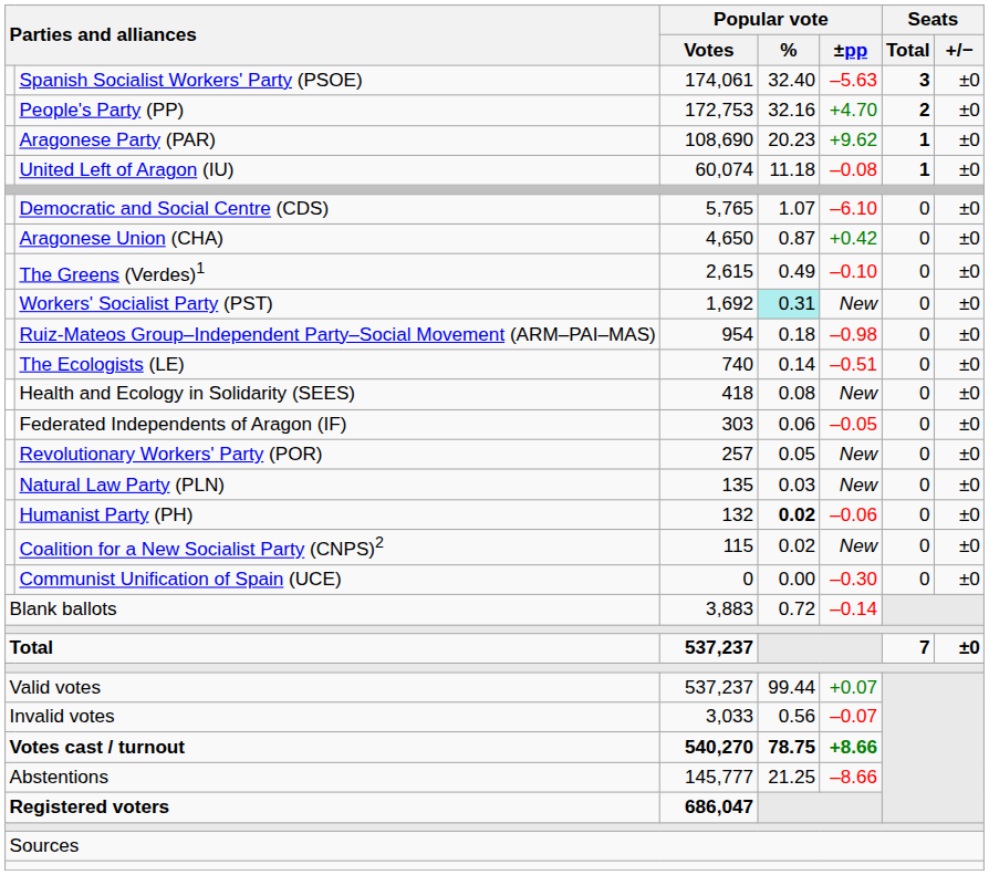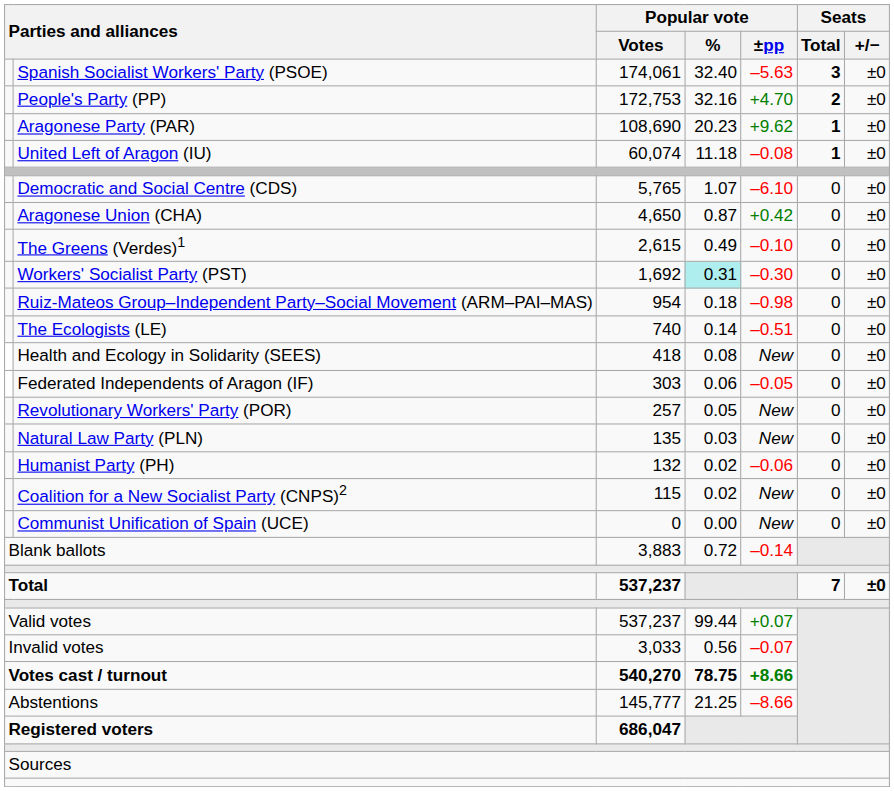 <table class="wikitable" style="text-align:right;">
 <tr>
 <th style="text-align:left;" rowspan="2" colspan="2" width="525">Parties and alliances</th>
 <th colspan="3">Popular vote</th>
 <th colspan="2">Seats</th>
 </tr>
 <tr>
 <th width="75">Votes</th>
 <th width="45">%</th>
 <th width="45">±<a href='#'>pp</a></th>
 <th width="35">Total</th>
 <th width="35">+/−</th>
 </tr>
 <tr>
 <td width="1" style="color:inherit;background:"></td>
 <td align="left"><a href='#'>Spanish Socialist Workers' Party</a> (PSOE)</td>
 <td>174,061</td>
 <td>32.40</td>
 <td style="color:red;">–5.63</td>
 <td><strong>3</strong></td>
 <td>±0</td>
 </tr>
 <tr>
 <td style="color:inherit;background:"></td>
 <td align="left"><a href='#'>People's Party</a> (PP)</td>
 <td>172,753</td>
 <td>32.16</td>
 <td style="color:green;">+4.70</td>
 <td><strong>2</strong></td>
 <td>±0</td>
 </tr>
 <tr>
 <td style="color:inherit;background:"></td>
 <td align="left"><a href='#'>Aragonese Party</a> (PAR)</td>
 <td>108,690</td>
 <td>20.23</td>
 <td style="color:green;">+9.62</td>
 <td><strong>1</strong></td>
 <td>±0</td>
 </tr>
 <tr>
 <td style="color:inherit;background:"></td>
 <td align="left"><a href='#'>United Left of Aragon</a> (IU)</td>
 <td>60,074</td>
 <td>11.18</td>
 <td style="color:red;">–0.08</td>
 <td><strong>1</strong></td>
 <td>±0</td>
 </tr>
 <tr>
 <td colspan="7" bgcolor="#C0C0C0"></td>
 </tr>
 <tr>
 <td style="color:inherit;background:"></td>
 <td align="left"><a href='#'>Democratic and Social Centre</a> (CDS)</td>
 <td>5,765</td>
 <td>1.07</td>
 <td style="color:red;">–6.10</td>
 <td>0</td>
 <td>±0</td>
 </tr>
 <tr>
 <td style="color:inherit;background:"></td>
 <td align="left"><a href='#'>Aragonese Union</a> (CHA)</td>
 <td>4,650</td>
 <td>0.87</td>
 <td style="color:green;">+0.42</td>
 <td>0</td>
 <td>±0</td>
 </tr>
 <tr>
 <td style="color:inherit;background:"></td>
 <td align="left"><a href='#'>The Greens</a> (Verdes)<sup>1</sup></td>
 <td>2,615</td>
 <td>0.49</td>
 <td style="color:red;">–0.10</td>
 <td>0</td>
 <td>±0</td>
 </tr>
 <tr>
 <td style="color:inherit;background:"></td>
 <td align="left"><a href='#'>Workers' Socialist Party</a> (PST)</td>
 <td>1,692</td>
 <td style="background: paleturquoise;">0.31</td>
-<td><em>New</em></td>
+<td style="color:red;">–0.30</td>
 <td>0</td>
 <td>±0</td>
 </tr>
 <tr>
 <td style="color:inherit;background:"></td>
 <td align="left"><a href='#'>Ruiz-Mateos Group–Independent Party–Social Movement</a> (ARM–PAI–MAS)</td>
 <td>954</td>
 <td>0.18</td>
 <td style="color:red;">–0.98</td>
 <td>0</td>
 <td>±0</td>
 </tr>
 <tr>
 <td style="color:inherit;background:"></td>
 <td align="left"><a href='#'>The Ecologists</a> (LE)</td>
 <td>740</td>
 <td>0.14</td>
 <td style="color:red;">–0.51</td>
 <td>0</td>
 <td>±0</td>
 </tr>
 <tr>
 <td bgcolor="white"></td>
 <td align="left">Health and Ecology in Solidarity (SEES)</td>
 <td>418</td>
 <td>0.08</td>
 <td><em>New</em></td>
 <td>0</td>
 <td>±0</td>
 </tr>
 <tr>
 <td bgcolor="white"></td>
 <td align="left">Federated Independents of Aragon (IF)</td>
 <td>303</td>
 <td>0.06</td>
 <td style="color:red;">–0.05</td>
 <td>0</td>
 <td>±0</td>
 </tr>
 <tr>
 <td style="color:inherit;background:"></td>
 <td align="left"><a href='#'>Revolutionary Workers' Party</a> (POR)</td>
 <td>257</td>
 <td>0.05</td>
 <td><em>New</em></td>
 <td>0</td>
 <td>±0</td>
 </tr>
 <tr>
 <td style="color:inherit;background:"></td>
 <td align="left"><a href='#'>Natural Law Party</a> (PLN)</td>
 <td>135</td>
 <td>0.03</td>
 <td><em>New</em></td>
 <td>0</td>
 <td>±0</td>
 </tr>
 <tr>
 <td style="color:inherit;background:"></td>
 <td align="left"><a href='#'>Humanist Party</a> (PH)</td>
 <td>132</td>
-<td><strong>0.02</strong></td>
+<td>0.02</td>
 <td style="color:red;">–0.06</td>
 <td>0</td>
 <td>±0</td>
 </tr>
 <tr>
 <td style="color:inherit;background:"></td>
 <td align="left"><a href='#'>Coalition for a New Socialist Party</a> (CNPS)<sup>2</sup></td>
 <td>115</td>
 <td>0.02</td>
 <td><em>New</em></td>
 <td>0</td>
 <td>±0</td>
 </tr>
 <tr>
 <td style="color:inherit;background:"></td>
 <td align="left"><a href='#'>Communist Unification of Spain</a> (UCE)</td>
 <td>0</td>
 <td>0.00</td>
-<td style="color:red;">–0.30</td>
+<td><em>New</em></td>
 <td>0</td>
 <td>±0</td>
 </tr>
 <tr>
 <td align="left" colspan="2">Blank ballots</td>
 <td>3,883</td>
 <td>0.72</td>
 <td style="color:red;">–0.14</td>
 <td bgcolor="#E9E9E9" colspan="2"></td>
 </tr>
 <tr>
 <td colspan="7" bgcolor="#E9E9E9"></td>
 </tr>
 <tr style="font-weight:bold;">
 <td align="left" colspan="2">Total</td>
 <td>537,237</td>
 <td bgcolor="#E9E9E9" colspan="2"></td>
 <td>7</td>
 <td>±0</td>
 </tr>
 <tr>
 <td colspan="7" bgcolor="#E9E9E9"></td>
 </tr>
 <tr>
 <td align="left" colspan="2">Valid votes</td>
 <td>537,237</td>
 <td>99.44</td>
 <td style="color:green;">+0.07</td>
 <td bgcolor="#E9E9E9" colspan="2" rowspan="5"></td>
 </tr>
 <tr>
 <td align="left" colspan="2">Invalid votes</td>
 <td>3,033</td>
 <td>0.56</td>
 <td style="color:red;">–0.07</td>
 </tr>
 <tr style="font-weight:bold;">
 <td align="left" colspan="2">Votes cast / turnout</td>
 <td>540,270</td>
 <td>78.75</td>
 <td style="color:green;">+8.66</td>
 </tr>
 <tr>
 <td align="left" colspan="2">Abstentions</td>
 <td>145,777</td>
 <td>21.25</td>
 <td style="color:red;">–8.66</td>
 </tr>
 <tr style="font-weight:bold;">
 <td align="left" colspan="2">Registered voters</td>
 <td>686,047</td>
 <td bgcolor="#E9E9E9" colspan="2"></td>
 </tr>
 <tr>
 <td colspan="7" bgcolor="#E9E9E9"></td>
 </tr>
 <tr>
 <td align="left" colspan="7">Sources</td>
 </tr>
 <tr>
 <td colspan="7" style="text-align:left; max-width:790px;"></td>
 </tr>
 </table>
